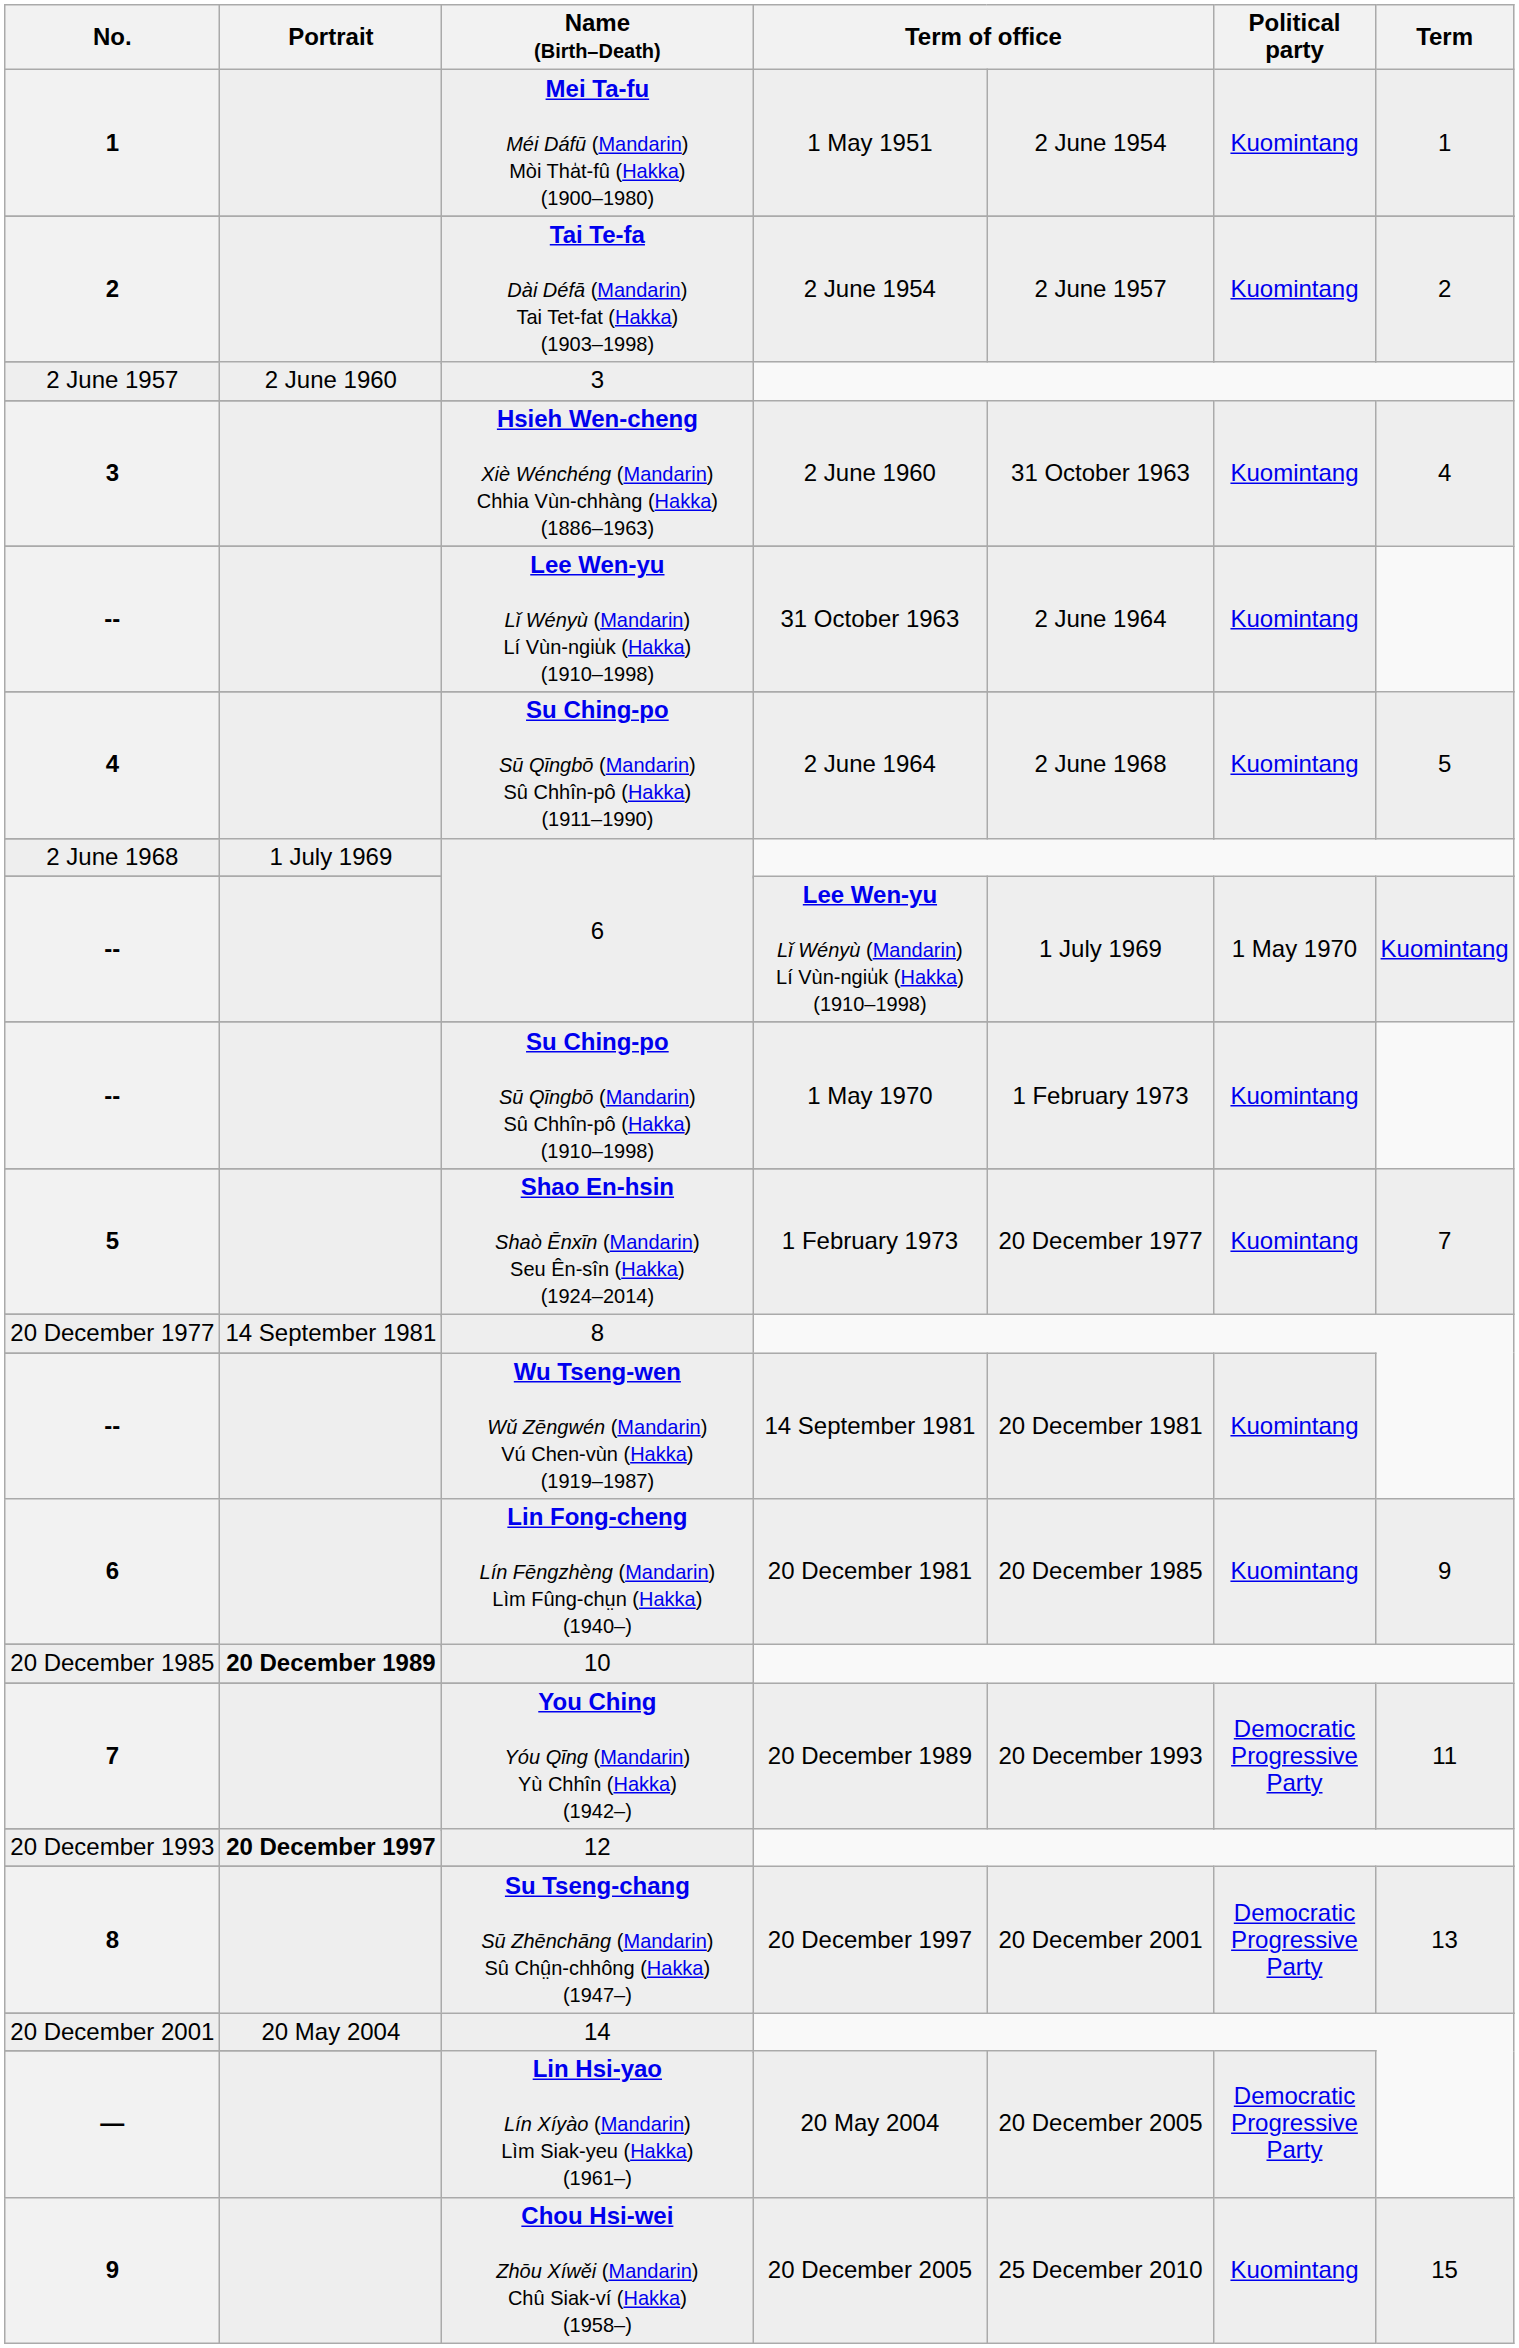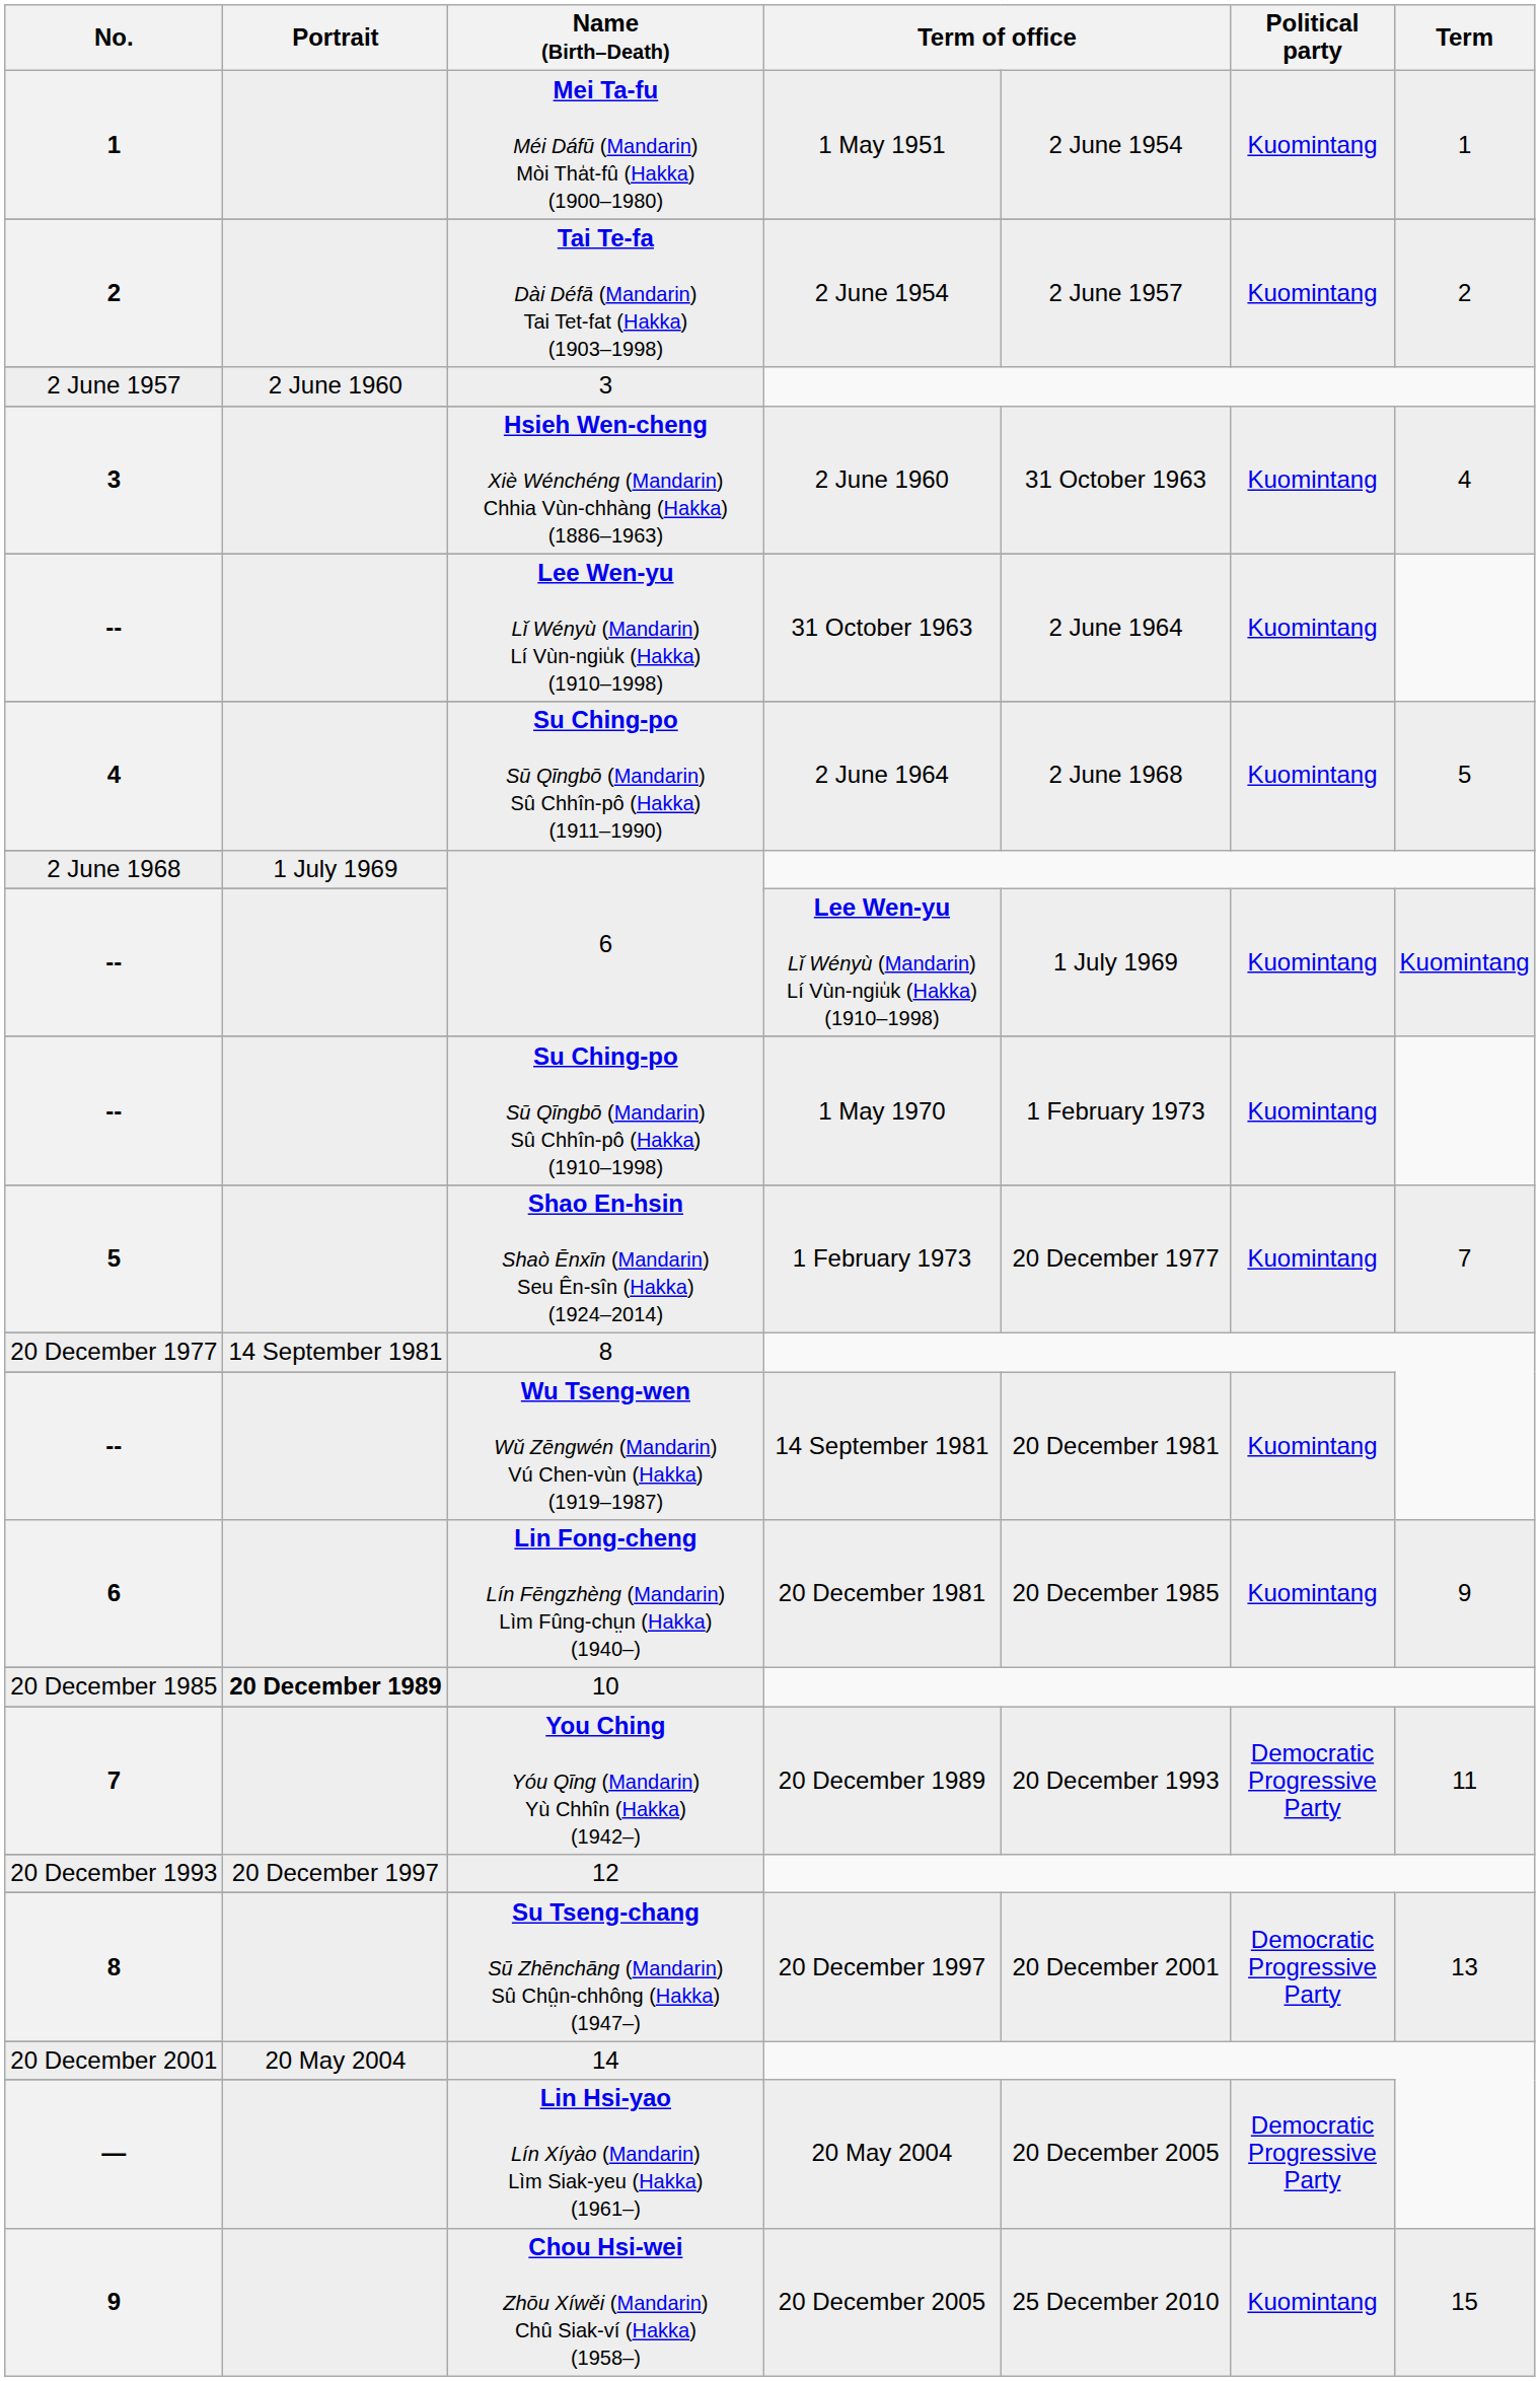 <table class="wikitable" style="text-align:center">
 <tr>
 <th>No.</th>
 <th>Portrait</th>
 <th width="200">Name<br><small>(Birth–Death)</small></th>
 <th colspan=2 width="300">Term of office</th>
 <th width="100">Political party</th>
 <th width = "50">Term</th>
 </tr>
 <tr - bgcolor=#EEEEEE>
 <th style="background:">1</th>
 <td align=center></td>
 <td><strong> <a href='#'>Mei Ta-fu</a> </strong> <br><br><small><em>Méi Dáfū</em> (<a href='#'>Mandarin</a>)<br>Mòi Tha̍t-fû (<a href='#'>Hakka</a>)<br>(1900–1980)</small></td>
 <td>1 May 1951</td>
 <td>2 June 1954</td>
 <td><a href='#'>Kuomintang</a></td>
 <td>1</td>
 </tr>
 <tr ->
 </tr>
 <tr - bgcolor=#EEEEEE>
 <th style="background:">2</th>
 <td rowspan=2 align=center></td>
 <td rowspan=2><strong><a href='#'>Tai Te-fa</a></strong> <br><br><small><em>Dài Défā</em> (<a href='#'>Mandarin</a>)<br>Tai Tet-fat (<a href='#'>Hakka</a>)<br>(1903–1998)</small></td>
 <td>2 June 1954</td>
 <td>2 June 1957</td>
 <td rowspan=2><a href='#'>Kuomintang</a></td>
 <td>2</td>
 </tr>
 <tr ->
 </tr>
 <tr - bgcolor=#EEEEEE>
 <td>2 June 1957</td>
 <td>2 June 1960</td>
 <td>3</td>
 </tr>
 <tr ->
 </tr>
 <tr - bgcolor=#EEEEEE>
 <th style="background:">3</th>
 <td align=center></td>
 <td><strong><a href='#'>Hsieh Wen-cheng</a></strong> <br><br><small><em>Xiè Wénchéng</em> (<a href='#'>Mandarin</a>)<br>Chhia Vùn-chhàng (<a href='#'>Hakka</a>)<br>(1886–1963)</small></td>
 <td>2 June 1960</td>
 <td>31 October 1963</td>
 <td><a href='#'>Kuomintang</a></td>
 <td rowspan=2>4</td>
 </tr>
 <tr ->
 </tr>
 <tr - bgcolor=#EEEEEE>
 <th style="background:">--</th>
 <td align=center></td>
 <td><strong><a href='#'>Lee Wen-yu</a></strong> <br><br><small><em>Lǐ Wényù</em> (<a href='#'>Mandarin</a>)<br>Lí Vùn-ngiu̍k (<a href='#'>Hakka</a>)<br>(1910–1998)</small></td>
 <td>31 October 1963</td>
 <td>2 June 1964</td>
 <td><a href='#'>Kuomintang</a></td>
 </tr>
 <tr ->
 </tr>
 <tr - bgcolor=#EEEEEE>
 <th style="background:">4</th>
 <td rowspan=2 align=center></td>
 <td rowspan=2><strong><a href='#'>Su Ching-po</a></strong> <br><br><small><em>Sū Qīngbō</em> (<a href='#'>Mandarin</a>)<br>Sû Chhîn-pô (<a href='#'>Hakka</a>)<br>(1911–1990)</small></td>
 <td>2 June 1964</td>
 <td>2 June 1968</td>
 <td rowspan=2><a href='#'>Kuomintang</a></td>
 <td>5</td>
 </tr>
 <tr ->
 </tr>
 <tr - bgcolor=#EEEEEE>
 <td>2 June 1968</td>
 <td>1 July 1969 </td>
 <td rowspan=3>6</td>
 </tr>
 <tr ->
 </tr>
 <tr - bgcolor=#EEEEEE>
 <th style="background:">--</th>
 <td align=center></td>
 <td><strong><a href='#'>Lee Wen-yu</a></strong> <br><br><small><em>Lǐ Wényù</em> (<a href='#'>Mandarin</a>)<br>Lí Vùn-ngiu̍k (<a href='#'>Hakka</a>)<br>(1910–1998)</small></td>
 <td>1 July 1969</td>
-<td>1 May 1970</td>
+<td><a href='#'>Kuomintang</a></td>
 <td><a href='#'>Kuomintang</a></td>
 </tr>
 <tr ->
 </tr>
 <tr - bgcolor=#EEEEEE>
 <th style="background:">--</th>
 <td align=center></td>
 <td><strong><a href='#'>Su Ching-po</a></strong> <br><br><small><em>Sū Qīngbō</em> (<a href='#'>Mandarin</a>)<br>Sû Chhîn-pô (<a href='#'>Hakka</a>)<br>(1910–1998)</small></td>
 <td>1 May 1970</td>
 <td>1 February 1973</td>
 <td><a href='#'>Kuomintang</a></td>
 </tr>
 <tr ->
 </tr>
 <tr - bgcolor=#EEEEEE>
 <th style="background:">5</th>
 <td rowspan=2 align=center></td>
 <td rowspan=2><strong><a href='#'>Shao En-hsin</a></strong><br><br><small><em>Shaò Ēnxīn</em> (<a href='#'>Mandarin</a>)<br>Seu Ên-sîn (<a href='#'>Hakka</a>)<br>(1924–2014)</small></td>
 <td>1 February 1973</td>
 <td>20 December 1977</td>
 <td rowspan=2><a href='#'>Kuomintang</a></td>
 <td>7</td>
 </tr>
 <tr ->
 </tr>
 <tr - bgcolor=#EEEEEE>
 <td>20 December 1977</td>
 <td>14 September 1981</td>
 <td rowspan=2>8</td>
 </tr>
 <tr ->
 </tr>
 <tr - bgcolor=#EEEEEE>
 <th style="background:">--</th>
 <td align=center></td>
 <td><strong><a href='#'>Wu Tseng-wen</a></strong><br><br><small><em>Wǔ Zēngwén</em> (<a href='#'>Mandarin</a>)<br>Vú Chen-vùn (<a href='#'>Hakka</a>)<br>(1919–1987)</small></td>
 <td>14 September 1981</td>
 <td>20 December 1981</td>
 <td><a href='#'>Kuomintang</a></td>
 </tr>
 <tr - bgcolor=#EEEEEE>
 <th style="background:">6</th>
 <td rowspan=2 align=center></td>
 <td rowspan=2><strong><a href='#'>Lin Fong-cheng</a></strong> <br><br><small><em>Lín Fēngzhèng</em> (<a href='#'>Mandarin</a>)<br>Lìm Fûng-chṳn (<a href='#'>Hakka</a>)<br>(1940–)</small></td>
 <td>20 December 1981</td>
 <td>20 December 1985</td>
 <td rowspan=2><a href='#'>Kuomintang</a></td>
 <td>9</td>
 </tr>
 <tr ->
 </tr>
 <tr - bgcolor=#EEEEEE>
 <td>20 December 1985</td>
 <td><strong>20 December 1989</strong></td>
 <td>10</td>
 </tr>
 <tr ->
 </tr>
 <tr - bgcolor=#EEEEEE>
 <th style="background:">7</th>
 <td rowspan=2 align=center></td>
 <td rowspan=2><strong><a href='#'>You Ching</a></strong> <br><br><small><em>Yóu Qīng</em> (<a href='#'>Mandarin</a>)<br>Yù Chhîn (<a href='#'>Hakka</a>)<br>(1942–)</small></td>
 <td>20 December 1989</td>
 <td>20 December 1993</td>
 <td rowspan=2><a href='#'>Democratic Progressive Party</a></td>
 <td>11</td>
 </tr>
 <tr ->
 </tr>
 <tr - bgcolor=#EEEEEE>
 <td>20 December 1993</td>
-<td><strong>20 December 1997</strong></td>
+<td>20 December 1997</td>
 <td>12</td>
 </tr>
 <tr ->
 </tr>
 <tr - bgcolor=#EEEEEE>
 <th style="background:">8</th>
 <td rowspan=2 align=center></td>
 <td rowspan=2><strong><a href='#'>Su Tseng-chang</a></strong> <br><br><small><em>Sū Zhēnchāng</em> (<a href='#'>Mandarin</a>)<br>Sû Chṳ̂n-chhông (<a href='#'>Hakka</a>)<br>(1947–)</small></td>
 <td>20 December 1997</td>
 <td>20 December 2001</td>
 <td rowspan=2><a href='#'>Democratic Progressive Party</a></td>
 <td>13</td>
 </tr>
 <tr ->
 </tr>
 <tr - bgcolor=#EEEEEE>
 <td>20 December 2001</td>
 <td>20 May 2004</td>
 <td rowspan=2>14</td>
 </tr>
 <tr ->
 </tr>
 <tr - bgcolor=#EEEEEE>
 <th style="background:">—</th>
 <td align=center></td>
 <td><strong> <a href='#'>Lin Hsi-yao</a></strong> <br><br><small><em>Lín Xíyào</em> (<a href='#'>Mandarin</a>)<br>Lìm Siak-yeu (<a href='#'>Hakka</a>)<br>(1961–)</small></td>
 <td>20 May 2004</td>
 <td>20 December 2005</td>
 <td><a href='#'>Democratic Progressive Party</a></td>
 </tr>
 <tr - bgcolor=#EEEEEE>
 <th style="background:">9</th>
 <td align=center></td>
 <td><strong><a href='#'>Chou Hsi-wei</a></strong> <br><br><small><em>Zhōu Xíwěi</em> (<a href='#'>Mandarin</a>)<br>Chû Siak-ví (<a href='#'>Hakka</a>)<br>(1958–)</small></td>
 <td>20 December 2005</td>
 <td>25 December 2010</td>
 <td><a href='#'>Kuomintang</a></td>
 <td>15</td>
 </tr>
 </table>
